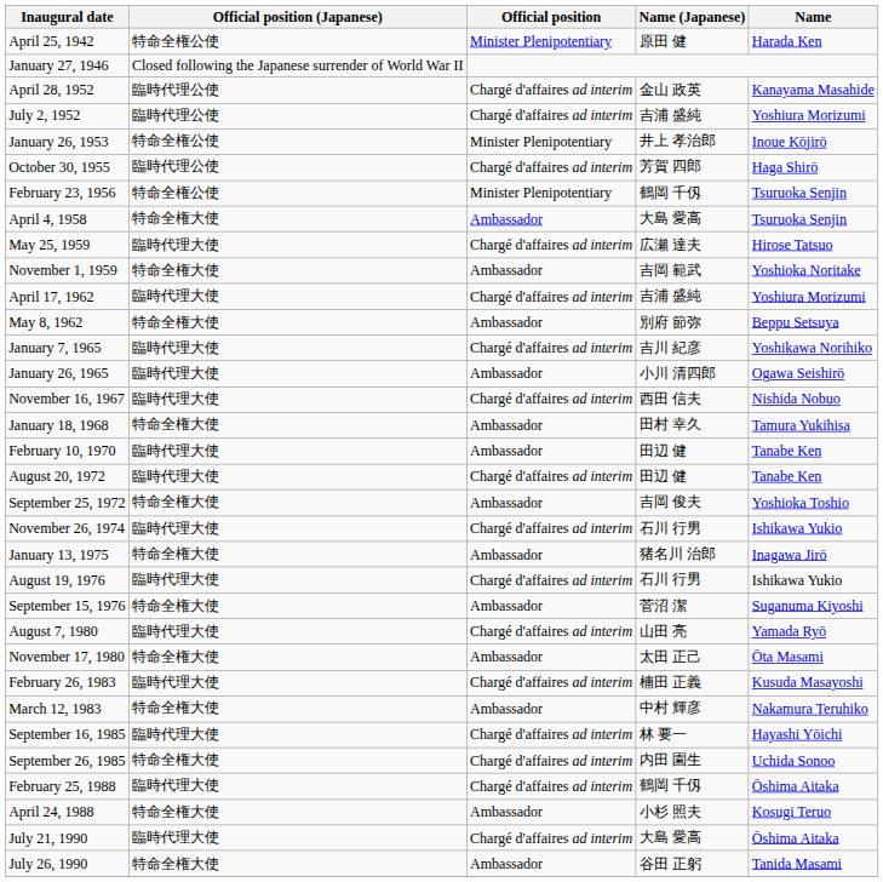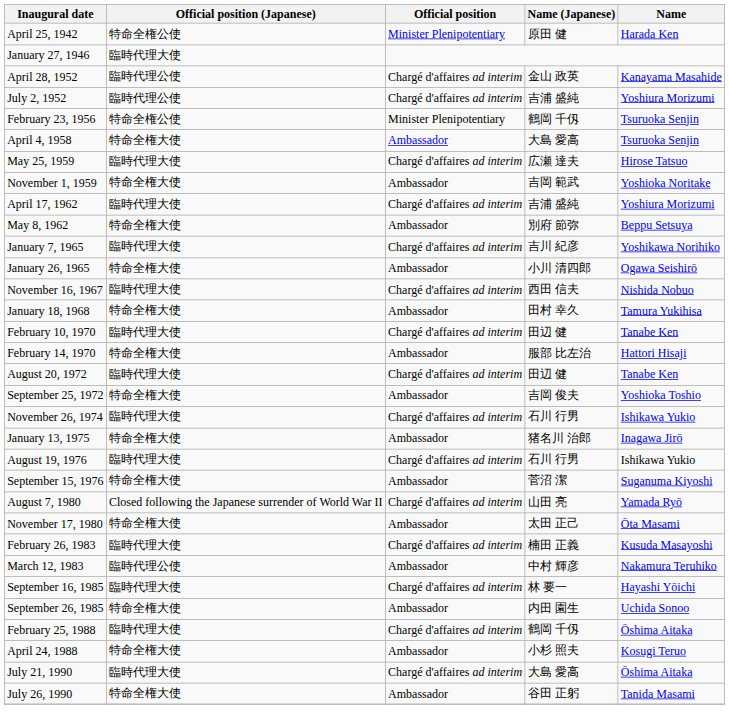 <table class="wikitable">
 <tr>
 <th>Inaugural date</th>
 <th>Official position (Japanese)</th>
 <th>Official position</th>
 <th>Name (Japanese)</th>
 <th>Name</th>
 </tr>
 <tr>
 <td>April 25, 1942</td>
 <td>特命全権公使</td>
 <td><a href='#'>Minister Plenipotentiary</a></td>
 <td>原田 健</td>
 <td><a href='#'>Harada Ken</a></td>
 </tr>
 <tr>
 <td>January 27, 1946</td>
-<td>Closed following the Japanese surrender of World War II</td>
+<td>臨時代理大使</td>
 </tr>
 <tr>
 <td>April 28, 1952</td>
 <td>臨時代理公使</td>
 <td>Chargé d'affaires <em>ad interim</em></td>
 <td>金山 政英</td>
 <td><a href='#'>Kanayama Masahide</a></td>
 </tr>
 <tr>
 <td>July 2, 1952</td>
 <td>臨時代理公使</td>
 <td>Chargé d'affaires <em>ad interim</em></td>
 <td>吉浦 盛純</td>
 <td><a href='#'>Yoshiura Morizumi</a></td>
-</tr>
-<tr>
-<td>January 26, 1953</td>
-<td>特命全権公使</td>
-<td>Minister Plenipotentiary</td>
-<td>井上 孝治郎</td>
-<td><a href='#'>Inoue Kōjirō</a></td>
-</tr>
-<tr>
-<td>October 30, 1955</td>
-<td>臨時代理公使</td>
-<td>Chargé d'affaires <em>ad interim</em></td>
-<td>芳賀 四郎</td>
-<td><a href='#'>Haga Shirō</a></td>
 </tr>
 <tr>
 <td>February 23, 1956</td>
 <td>特命全権公使</td>
 <td>Minister Plenipotentiary</td>
 <td>鶴岡 千仭</td>
 <td><a href='#'>Tsuruoka Senjin</a></td>
 </tr>
 <tr>
 <td>April 4, 1958</td>
 <td>特命全権大使</td>
 <td><a href='#'>Ambassador</a></td>
 <td>大島 愛高</td>
 <td><a href='#'>Tsuruoka Senjin</a></td>
 </tr>
 <tr>
 <td>May 25, 1959</td>
 <td>臨時代理大使</td>
 <td>Chargé d'affaires <em>ad interim</em></td>
 <td>広瀬 達夫</td>
 <td><a href='#'>Hirose Tatsuo</a></td>
 </tr>
 <tr>
 <td>November 1, 1959</td>
 <td>特命全権大使</td>
 <td>Ambassador</td>
 <td>吉岡 範武</td>
 <td><a href='#'>Yoshioka Noritake</a></td>
 </tr>
 <tr>
 <td>April 17, 1962</td>
 <td>臨時代理大使</td>
 <td>Chargé d'affaires <em>ad interim</em></td>
 <td>吉浦 盛純</td>
 <td><a href='#'>Yoshiura Morizumi</a></td>
 </tr>
 <tr>
 <td>May 8, 1962</td>
 <td>特命全権大使</td>
 <td>Ambassador</td>
 <td>別府 節弥</td>
 <td><a href='#'>Beppu Setsuya</a></td>
 </tr>
 <tr>
 <td>January 7, 1965</td>
 <td>臨時代理大使</td>
 <td>Chargé d'affaires <em>ad interim</em></td>
 <td>吉川 紀彦</td>
 <td><a href='#'>Yoshikawa Norihiko</a></td>
 </tr>
 <tr>
 <td>January 26, 1965</td>
-<td>臨時代理大使</td>
+<td>特命全権大使</td>
 <td>Ambassador</td>
 <td>小川 清四郎</td>
 <td><a href='#'>Ogawa Seishirō</a></td>
 </tr>
 <tr>
 <td>November 16, 1967</td>
 <td>臨時代理大使</td>
 <td>Chargé d'affaires <em>ad interim</em></td>
 <td>西田 信夫</td>
 <td><a href='#'>Nishida Nobuo</a></td>
 </tr>
 <tr>
 <td>January 18, 1968</td>
 <td>特命全権大使</td>
 <td>Ambassador</td>
 <td>­­田村 幸久</td>
 <td><a href='#'>Tamura Yukihisa</a></td>
 </tr>
 <tr>
 <td>February 10, 1970</td>
 <td>臨時代理大使</td>
-<td>Ambassador</td>
+<td>Chargé d'affaires <em>ad interim</em></td>
 <td>田辺 健</td>
 <td><a href='#'>Tanabe Ken</a></td>
+</tr>
+<tr>
+<td>February 14, 1970</td>
+<td>特命全権大使</td>
+<td>Ambassador</td>
+<td>服部 比左治</td>
+<td><a href='#'>Hattori Hisaji</a></td>
 </tr>
 <tr>
 <td>August 20, 1972</td>
 <td>臨時代理大使</td>
 <td>Chargé d'affaires <em>ad interim</em></td>
 <td>田辺 健</td>
 <td><a href='#'>Tanabe Ken</a></td>
 </tr>
 <tr>
 <td>September 25, 1972</td>
 <td>特命全権大使</td>
 <td>Ambassador</td>
 <td>­­吉岡 俊夫</td>
 <td><a href='#'>Yoshioka Toshio</a></td>
 </tr>
 <tr>
 <td>November 26, 1974</td>
 <td>臨時代理大使</td>
 <td>Chargé d'affaires <em>ad interim</em></td>
 <td>石川 行男</td>
 <td><a href='#'>Ishikawa Yukio</a></td>
 </tr>
 <tr>
 <td>January 13, 1975</td>
 <td>特命全権大使</td>
 <td>Ambassador</td>
 <td>­­猪名川 治郎</td>
 <td><a href='#'>Inagawa Jirō</a></td>
 </tr>
 <tr>
 <td>August 19, 1976</td>
 <td>臨時代理大使</td>
 <td>Chargé d'affaires <em>ad interim</em></td>
 <td>石川 行男</td>
 <td>Ishikawa Yukio</td>
 </tr>
 <tr>
 <td>September 15, 1976</td>
 <td>特命全権大使</td>
 <td>Ambassador</td>
 <td>­­菅沼 潔</td>
 <td><a href='#'>Suganuma Kiyoshi</a></td>
 </tr>
 <tr>
 <td>August 7, 1980</td>
-<td>臨時代理大使</td>
+<td>Closed following the Japanese surrender of World War II</td>
 <td>Chargé d'affaires <em>ad interim</em></td>
 <td>山田 亮</td>
 <td><a href='#'>Yamada Ryō</a></td>
 </tr>
 <tr>
 <td>November 17, 1980</td>
 <td>特命全権大使</td>
 <td>Ambassador</td>
 <td>­­太田 正己</td>
 <td><a href='#'>Ōta Masami</a></td>
 </tr>
 <tr>
 <td>February 26, 1983</td>
 <td>臨時代理大使</td>
 <td>Chargé d'affaires <em>ad interim</em></td>
 <td>楠田 正義</td>
 <td><a href='#'>Kusuda Masayoshi</a></td>
 </tr>
 <tr>
 <td>March 12, 1983</td>
-<td>特命全権大使</td>
+<td>臨時代理公使</td>
 <td>Ambassador</td>
 <td>中村 輝彦</td>
 <td><a href='#'>Nakamura Teruhiko</a></td>
 </tr>
 <tr>
 <td>September 16, 1985</td>
 <td>臨時代理大使</td>
 <td>Chargé d'affaires <em>ad interim</em></td>
 <td>林 要一</td>
 <td><a href='#'>Hayashi Yōichi</a></td>
 </tr>
 <tr>
 <td>September 26, 1985</td>
 <td>特命全権大使</td>
-<td>Chargé d'affaires <em>ad interim</em></td>
+<td>Ambassador</td>
 <td>­内田 園生­­</td>
 <td><a href='#'>Uchida Sonoo</a></td>
 </tr>
 <tr>
 <td>February 25, 1988</td>
 <td>臨時代理大使</td>
 <td>Chargé d'affaires <em>ad interim</em></td>
 <td>鶴岡 千仭</td>
 <td><a href='#'>Ōshima Aitaka</a></td>
 </tr>
 <tr>
 <td>April 24, 1988</td>
 <td>特命全権大使</td>
 <td>Ambassador</td>
 <td>­­­­小杉 照夫</td>
 <td><a href='#'>Kosugi Teruo</a></td>
 </tr>
 <tr>
 <td>July 21, 1990</td>
 <td>臨時代理大使</td>
 <td>Chargé d'affaires <em>ad interim</em></td>
 <td>大島 愛高</td>
 <td><a href='#'>Ōshima Aitaka</a></td>
 </tr>
 <tr>
 <td>July 26, 1990</td>
 <td>特命全権大使</td>
 <td>Ambassador</td>
 <td>­­­­谷田 正躬</td>
 <td><a href='#'>Tanida Masami</a></td>
 </tr>
 <tr>
 </tr>
 </table>
